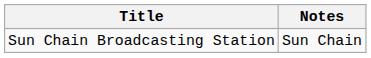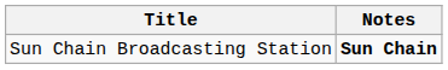 <table class="wikitable">
 <tr>
 <th>Title</th>
 <th>Notes</th>
 </tr>
 <tr>
 <td>Sun Chain Broadcasting Station</td>
-<td>Sun Chain</td>
+<td><strong>Sun Chain</strong></td>
 </tr>
 </table>
